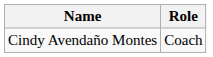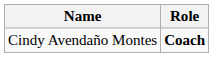 <table class="wikitable">
 <tr>
 <th>Name</th>
 <th>Role</th>
 </tr>
 <tr>
 <td> Cindy Avendaño Montes</td>
-<td>Coach</td>
+<td><strong>Coach</strong></td>
 </tr>
 </table>
